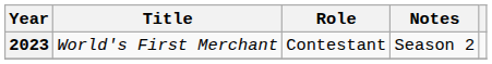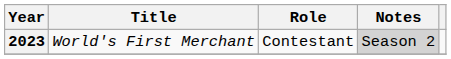 <table class="wikitable sortable plainrowheaders">
 <tr>
 <th scope="col">Year</th>
 <th scope="col">Title</th>
 <th scope="col">Role</th>
 <th scope="col" class="unsortable">Notes</th>
 <th scope="col" class="unsortable"></th>
 </tr>
 <tr>
 <th scope="row">2023</th>
 <td><em>World's First Merchant</em></td>
 <td>Contestant</td>
-<td>Season 2</td>
+<td style="background: lightgrey;">Season 2</td>
 <td></td>
 </tr>
 <tr>
 </tr>
 </table>
